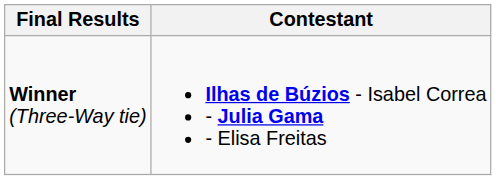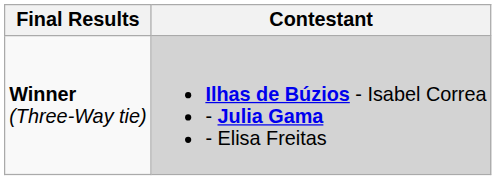 <table class="wikitable">
 <tr>
 <th>Final Results</th>
 <th>Contestant</th>
 </tr>
 <tr>
 <td><strong>Winner</strong><br><em>(Three-Way tie)</em></td>
-<td><br><ul><li><strong> <a href='#'>Ilhas de Búzios</a></strong> - Isabel Correa</li><li><strong></strong> - <strong><a href='#'>Julia Gama</a></strong></li><li><strong></strong> - Elisa Freitas</li></ul></td>
+<td style="background: lightgrey;"><br><ul><li><strong> <a href='#'>Ilhas de Búzios</a></strong> - Isabel Correa</li><li><strong></strong> - <strong><a href='#'>Julia Gama</a></strong></li><li><strong></strong> - Elisa Freitas</li></ul></td>
 </tr>
 </table>
